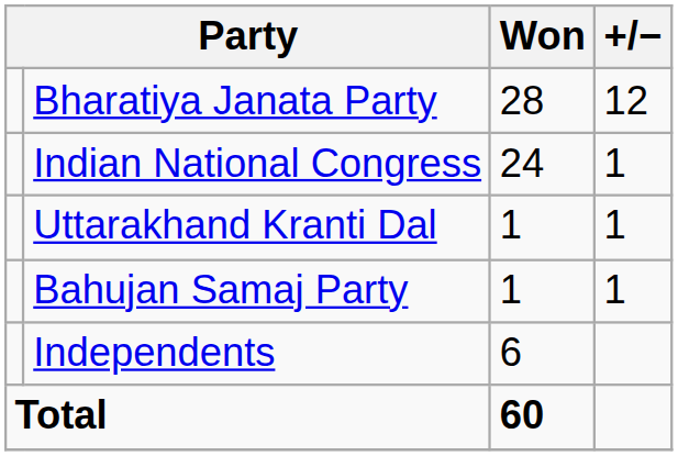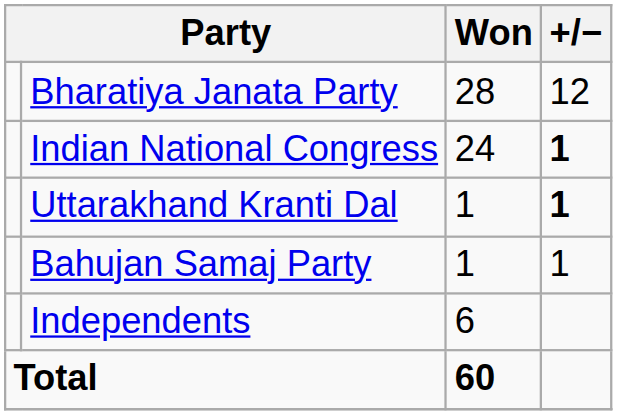 <table class="sortable wikitable">
 <tr>
 <th colspan="2">Party</th>
 <th>Won</th>
 <th><strong>+/−</strong></th>
 </tr>
 <tr>
 <td></td>
 <td><a href='#'>Bharatiya Janata Party</a></td>
 <td>28</td>
 <td>12</td>
 </tr>
 <tr>
 <td></td>
 <td><a href='#'>Indian National Congress</a></td>
 <td>24</td>
-<td>1</td>
+<td><strong>1</strong></td>
 </tr>
 <tr>
 <td></td>
 <td><a href='#'>Uttarakhand Kranti Dal</a></td>
 <td>1</td>
-<td>1</td>
+<td><strong>1</strong></td>
 </tr>
 <tr>
 <td></td>
 <td><a href='#'>Bahujan Samaj Party</a></td>
 <td>1</td>
 <td>1</td>
 </tr>
 <tr>
 <td></td>
 <td><a href='#'>Independents</a></td>
 <td>6</td>
 <td></td>
 </tr>
 <tr>
 <td colspan="2"><strong>Total</strong></td>
 <td><strong>60</strong></td>
 <td></td>
 </tr>
 <tr>
 </tr>
 </table>
